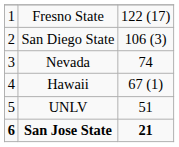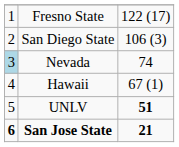 <table class="wikitable" style="display: inline-table;">
 <tr align="center">
 </tr>
 <tr align="center">
 <td>1</td>
 <td>Fresno State</td>
 <td>122 (17)</td>
 </tr>
 <tr align="center">
 <td>2</td>
 <td>San Diego State</td>
 <td>106 (3)</td>
 </tr>
 <tr align="center">
-<td>3</td>
+<td style="background: lightblue;">3</td>
 <td>Nevada</td>
 <td>74</td>
 </tr>
 <tr align="center">
 <td>4</td>
 <td>Hawaii</td>
 <td>67 (1)</td>
 </tr>
 <tr align="center">
 <td>5</td>
 <td>UNLV</td>
-<td>51</td>
+<td><strong>51</strong></td>
 </tr>
 <tr align="center">
 <td><strong>6</strong></td>
 <td><strong>San Jose State</strong></td>
 <td><strong>21</strong></td>
 </tr>
 </table>
